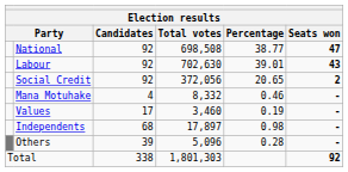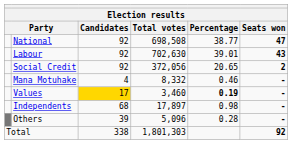 <table class="wikitable" style="text-align:right">
 <tr>
 <th colspan=6></th>
 </tr>
 <tr>
 <th colspan=6>Election results</th>
 </tr>
 <tr>
 <th colspan=2>Party</th>
 <th>Candidates</th>
 <th>Total votes</th>
 <th>Percentage</th>
 <th>Seats won</th>
 </tr>
 <tr>
 <td width=5 bgcolor=></td>
 <td align=left><a href='#'>National</a></td>
 <td>92</td>
 <td>698,508</td>
 <td>38.77</td>
 <td><strong>47</strong></td>
 </tr>
 <tr>
 <td bgcolor=></td>
 <td align=left><a href='#'>Labour</a></td>
 <td>92</td>
 <td>702,630</td>
 <td>39.01</td>
 <td><strong>43</strong></td>
 </tr>
 <tr>
 <td bgcolor=></td>
 <td align=left><a href='#'>Social Credit</a></td>
 <td>92</td>
 <td>372,056</td>
 <td>20.65</td>
 <td><strong>2</strong></td>
 </tr>
 <tr>
 <td bgcolor=></td>
 <td align=left><a href='#'>Mana Motuhake</a></td>
 <td>4</td>
 <td>8,332</td>
 <td>0.46</td>
 <td><strong>-</strong></td>
 </tr>
 <tr>
 <td bgcolor=></td>
 <td align=left><a href='#'>Values</a></td>
-<td>17</td>
+<td style="background: gold;">17</td>
 <td>3,460</td>
-<td>0.19</td>
+<td><strong>0.19</strong></td>
 <td><strong>-</strong></td>
 </tr>
 <tr>
 <td bgcolor=></td>
 <td align=left><a href='#'>Independents</a></td>
 <td>68</td>
 <td>17,897</td>
 <td>0.98</td>
 <td><strong>-</strong></td>
 </tr>
 <tr>
 <td bgcolor=#777777></td>
 <td align=left>Others</td>
 <td>39</td>
 <td>5,096</td>
 <td>0.28</td>
 <td><strong>-</strong></td>
 </tr>
 <tr bgcolor=>
 <td colspan=2 align=left>Total</td>
 <td>338</td>
 <td>1,801,303</td>
 <td></td>
 <td><strong>92</strong></td>
 </tr>
 </table>
